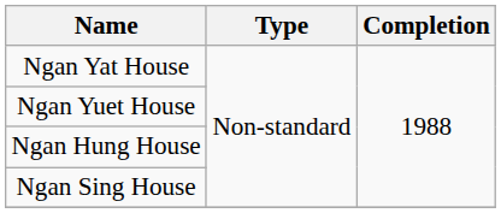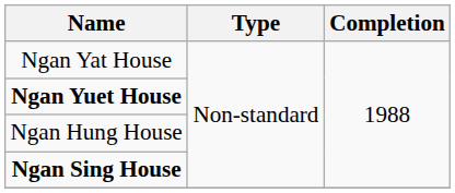 <table class="wikitable" style="text-align: center">
 <tr>
 <th>Name</th>
 <th>Type</th>
 <th>Completion</th>
 </tr>
 <tr>
 <td>Ngan Yat House</td>
 <td rowspan="4">Non-standard</td>
 <td rowspan="4">1988</td>
 </tr>
 <tr>
-<td>Ngan Yuet House</td>
+<td><strong>Ngan Yuet House</strong></td>
 </tr>
 <tr>
 <td>Ngan Hung House</td>
 </tr>
 <tr>
-<td>Ngan Sing House</td>
+<td><strong>Ngan Sing House</strong></td>
 </tr>
 <tr>
 </tr>
 </table>
